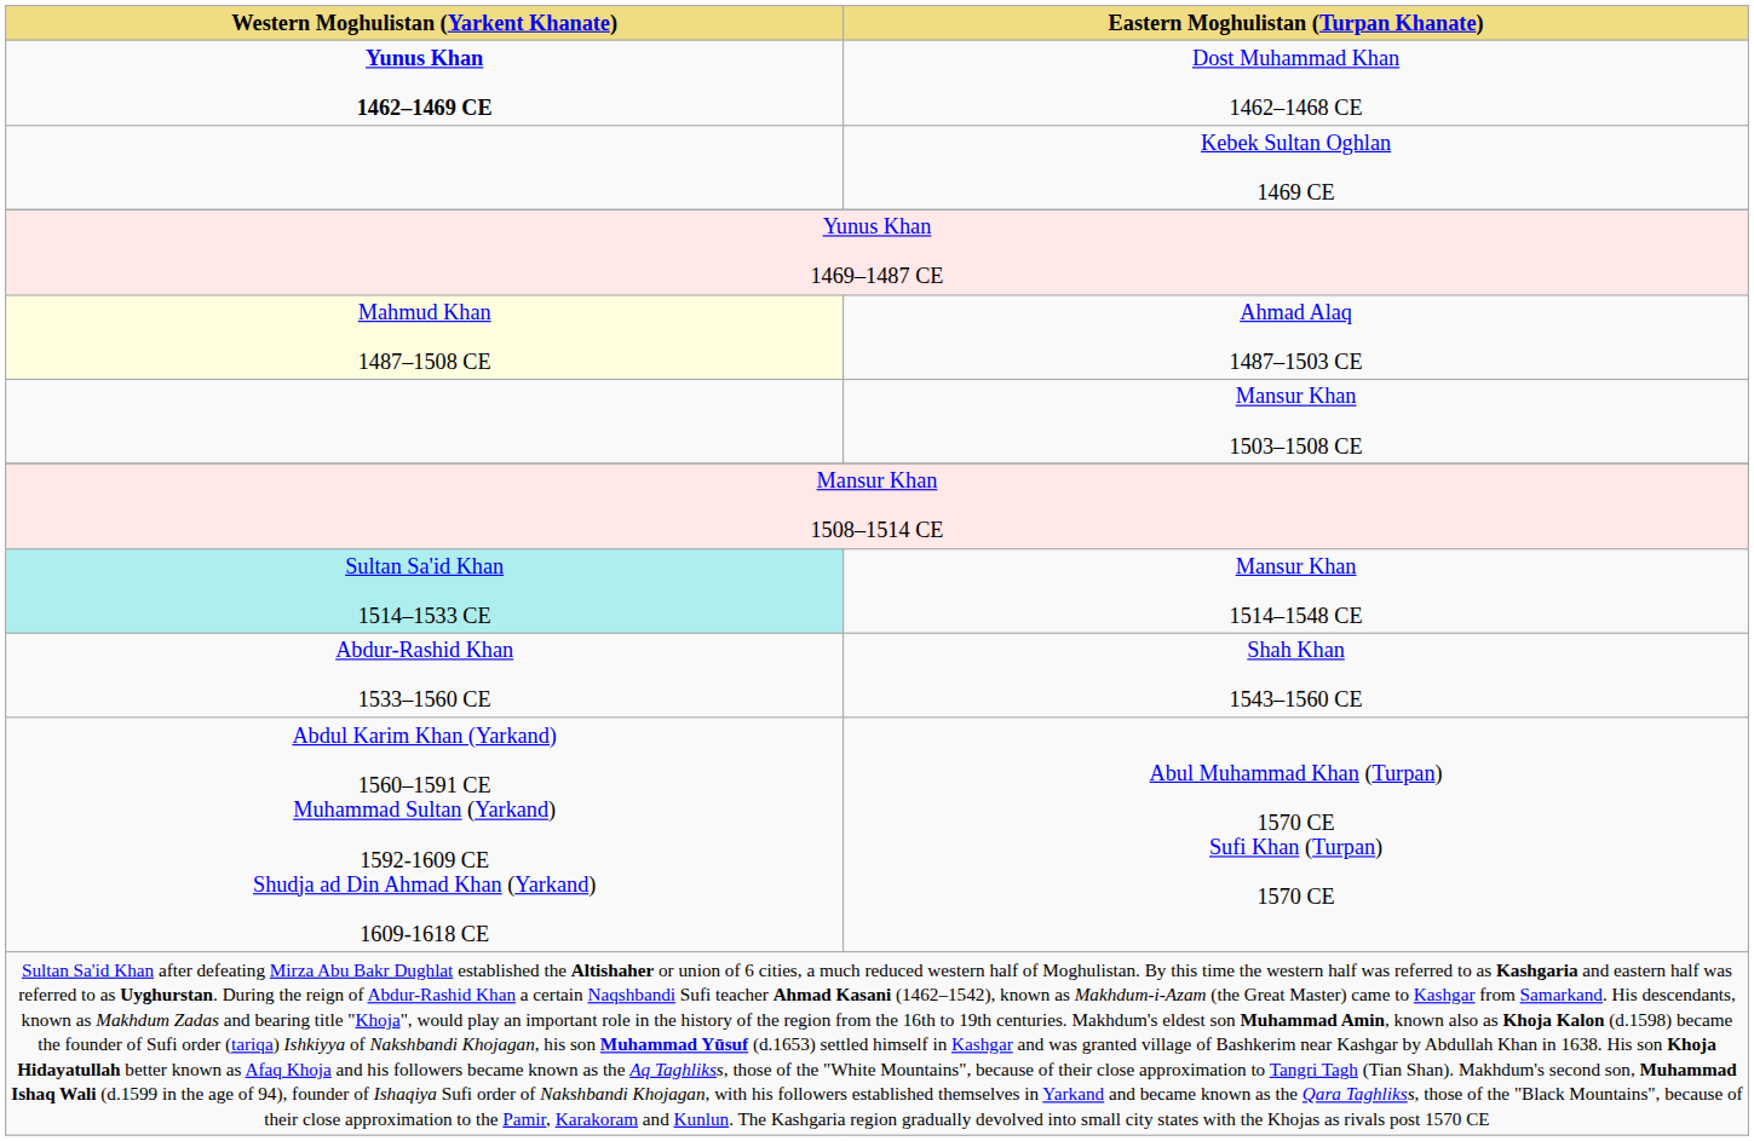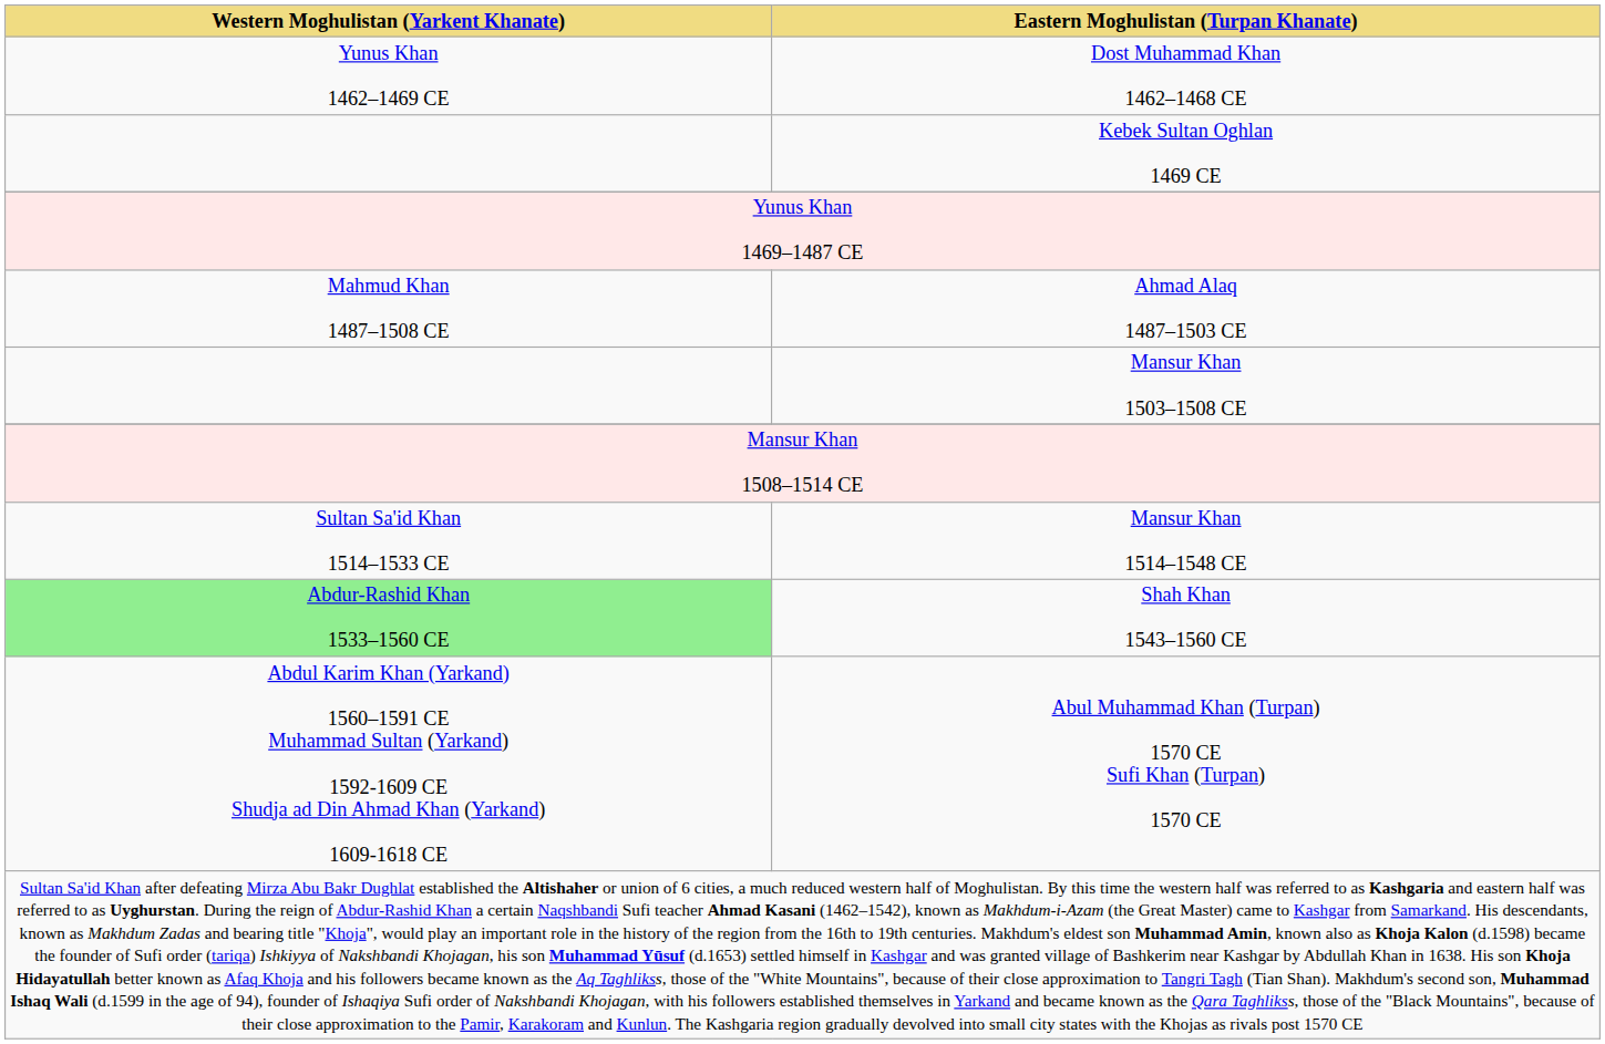 <table width=100% class="wikitable">
 <tr>
 <th style="background-color:#F0DC82" width=25%>Western Moghulistan (<a href='#'>Yarkent Khanate</a>)</th>
 <th style="background-color:#F0DC82" width=27%>Eastern Moghulistan (<a href='#'>Turpan Khanate</a>)</th>
 </tr>
 <tr>
-<td align="center"><strong><a href='#'>Yunus Khan</a><br><small></small><br>1462–1469 CE</strong></td>
+<td align="center"><a href='#'>Yunus Khan</a><br><small></small><br>1462–1469 CE</td>
 <td align="center"><a href='#'>Dost Muhammad Khan</a><br><small> </small><br>1462–1468 CE</td>
 </tr>
 <tr>
 <td align="center"></td>
 <td align="center"><a href='#'>Kebek Sultan Oghlan</a><br><small> </small><br>1469 CE</td>
 </tr>
 <tr>
 </tr>
 <tr bgcolor="#FFE8E8">
 <td colspan=5 align="center"><a href='#'>Yunus Khan</a><br><small></small><br> 1469–1487 CE</td>
 </tr>
 <tr>
-<td align="center" style="background: lightyellow;"><a href='#'>Mahmud Khan</a><br> <small> </small><br>1487–1508 CE</td>
+<td align="center"><a href='#'>Mahmud Khan</a><br> <small> </small><br>1487–1508 CE</td>
 <td align="center"><a href='#'>Ahmad Alaq</a><br><small> </small><br>1487–1503 CE</td>
 </tr>
 <tr>
 <td align="center"></td>
 <td align="center"><a href='#'>Mansur Khan</a><br><small> </small><br>1503–1508 CE</td>
 </tr>
 <tr>
 </tr>
 <tr bgcolor="#FFE8E8">
 <td colspan=5 align="center"><a href='#'>Mansur Khan</a><br><small> </small><br> 1508–1514 CE</td>
 </tr>
 <tr>
-<td align="center" style="background: paleturquoise;"><a href='#'>Sultan Sa'id Khan</a><br> <small> </small><br>1514–1533 CE</td>
+<td align="center"><a href='#'>Sultan Sa'id Khan</a><br> <small> </small><br>1514–1533 CE</td>
 <td align="center"><a href='#'>Mansur Khan</a><br><small> </small><br>1514–1548 CE</td>
 </tr>
 <tr>
-<td align="center"><a href='#'>Abdur-Rashid Khan</a><br> <small> </small><br>1533–1560 CE</td>
+<td align="center" style="background: lightgreen;"><a href='#'>Abdur-Rashid Khan</a><br> <small> </small><br>1533–1560 CE</td>
 <td align="center"><a href='#'>Shah Khan</a> <br><small> </small><br>1543–1560 CE</td>
 </tr>
 <tr>
 <td align="center"><a href='#'>Abdul Karim Khan (Yarkand)</a><br> <small> </small><br>1560–1591 CE<br> <a href='#'>Muhammad Sultan</a> (<a href='#'>Yarkand</a>)<br> <small> </small><br> 1592-1609 CE<br> <a href='#'>Shudja ad Din Ahmad Khan</a> (<a href='#'>Yarkand</a>)<br> <small> </small><br> 1609-1618 CE</td>
 <td align="center"><a href='#'>Abul Muhammad Khan</a> (<a href='#'>Turpan</a>) <br><small> </small><br>1570 CE <br> <a href='#'>Sufi Khan</a> (<a href='#'>Turpan</a>) <br><small> </small><br>1570 CE <br></td>
 </tr>
 <tr>
 <td colspan="4" align="center"><small><a href='#'>Sultan Sa'id Khan</a> after defeating <a href='#'>Mirza Abu Bakr Dughlat</a> established the <strong>Altishaher</strong> or union of 6 cities, a much reduced western half of Moghulistan. By this time the western half was referred to as <strong>Kashgaria</strong> and eastern half was referred to as <strong>Uyghurstan</strong>. During the reign of <a href='#'>Abdur-Rashid Khan</a> a certain <a href='#'>Naqshbandi</a> Sufi teacher <strong>Ahmad Kasani</strong> (1462–1542), known as <em>Makhdum-i-Azam</em> (the Great Master) came to <a href='#'>Kashgar</a> from <a href='#'>Samarkand</a>. His descendants, known as <em>Makhdum Zadas</em> and bearing title "<a href='#'>Khoja</a>", would play an important role in the history of the region from the 16th to 19th centuries. Makhdum's eldest son <strong>Muhammad Amin</strong>, known also as <strong>Khoja Kalon</strong> (d.1598) became the founder of Sufi order (<a href='#'>tariqa</a>) <em>Ishkiyya</em> of <em>Nakshbandi Khojagan</em>, his son <strong><a href='#'>Muhammad Yūsuf</a></strong> (d.1653) settled himself in <a href='#'>Kashgar</a> and was granted village of Bashkerim near Kashgar by Abdullah Khan in 1638. His son <strong>Khoja</strong> <strong>Hidayatullah</strong> better known as <a href='#'>Afaq Khoja</a> and his followers became known as the <em><a href='#'>Aq Taghliks</a>s</em>, those of the "White Mountains", because of their close approximation to <a href='#'>Tangri Tagh</a> (Tian Shan). Makhdum's second son, <strong>Muhammad Ishaq Wali</strong> (d.1599 in the age of 94), founder of <em>Ishaqiya</em> Sufi order of <em>Nakshbandi Khojagan</em>, with his followers established themselves in <a href='#'>Yarkand</a> and became known as the <em><a href='#'>Qara Taghliks</a>s</em>, those of the "Black Mountains", because of their close approximation to the <a href='#'>Pamir</a>, <a href='#'>Karakoram</a> and <a href='#'>Kunlun</a>. The Kashgaria region gradually devolved into small city states with the Khojas as rivals post 1570 CE</small></td>
 </tr>
 </table>
